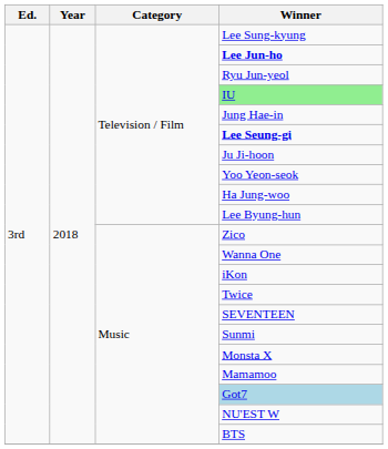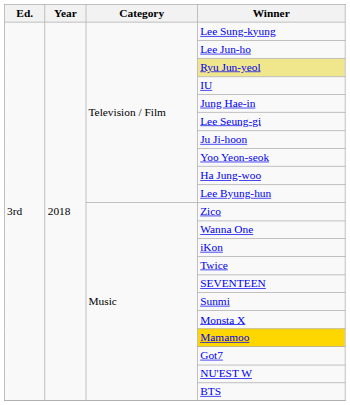 <table class="wikitable">
 <tr align="center">
 <th style="width:50px">Ed.</th>
 <th style="width:50px">Year</th>
 <th style="width:150px">Category</th>
 <th style="width:200px">Winner</th>
 </tr>
 <tr>
 <td rowspan="21">3rd</td>
 <td rowspan="21">2018</td>
 <td rowspan="10">Television / Film</td>
 <td><a href='#'>Lee Sung-kyung</a></td>
 </tr>
 <tr>
-<td><strong><a href='#'>Lee Jun-ho</a></strong></td>
+<td><a href='#'>Lee Jun-ho</a></td>
 </tr>
 <tr>
-<td><a href='#'>Ryu Jun-yeol</a></td>
+<td style="background: khaki;"><a href='#'>Ryu Jun-yeol</a></td>
 </tr>
 <tr>
-<td style="background: lightgreen;"><a href='#'>IU</a></td>
+<td><a href='#'>IU</a></td>
 </tr>
 <tr>
 <td><a href='#'>Jung Hae-in</a></td>
 </tr>
 <tr>
-<td><strong><a href='#'>Lee Seung-gi</a></strong></td>
+<td><a href='#'>Lee Seung-gi</a></td>
 </tr>
 <tr>
 <td><a href='#'>Ju Ji-hoon</a></td>
 </tr>
 <tr>
 <td><a href='#'>Yoo Yeon-seok</a></td>
 </tr>
 <tr>
 <td><a href='#'>Ha Jung-woo</a></td>
 </tr>
 <tr>
 <td><a href='#'>Lee Byung-hun</a></td>
 </tr>
 <tr>
 <td rowspan="11">Music</td>
 <td><a href='#'>Zico</a></td>
 </tr>
 <tr>
 <td><a href='#'>Wanna One</a></td>
 </tr>
 <tr>
 <td><a href='#'>iKon</a></td>
 </tr>
 <tr>
 <td><a href='#'>Twice</a></td>
 </tr>
 <tr>
 <td><a href='#'>SEVENTEEN</a></td>
 </tr>
 <tr>
 <td><a href='#'>Sunmi</a></td>
 </tr>
 <tr>
 <td><a href='#'>Monsta X</a></td>
 </tr>
 <tr>
-<td><a href='#'>Mamamoo</a></td>
+<td style="background: gold;"><a href='#'>Mamamoo</a></td>
 </tr>
 <tr>
-<td style="background: lightblue;"><a href='#'>Got7</a></td>
+<td><a href='#'>Got7</a></td>
 </tr>
 <tr>
 <td><a href='#'>NU'EST W</a></td>
 </tr>
 <tr>
 <td><a href='#'>BTS</a></td>
 </tr>
 <tr>
 </tr>
 </table>
